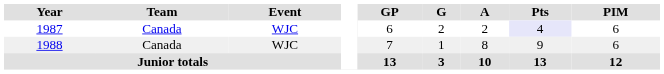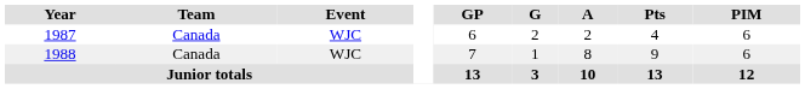 <table border="0" cellpadding="1" cellspacing="0" style="text-align:center; width:50em">
 <tr ALIGN="center" bgcolor="#e0e0e0">
 <th>Year</th>
 <th>Team</th>
 <th>Event</th>
 <th ALIGN="center" rowspan="99" bgcolor="#ffffff"> </th>
 <th>GP</th>
 <th>G</th>
 <th>A</th>
 <th>Pts</th>
 <th>PIM</th>
 </tr>
 <tr>
 <td><a href='#'>1987</a></td>
 <td><a href='#'>Canada</a></td>
 <td><a href='#'>WJC</a></td>
 <td>6</td>
 <td>2</td>
 <td>2</td>
-<td style="background: lavender;">4</td>
+<td>4</td>
 <td>6</td>
 </tr>
 <tr bgcolor="#f0f0f0">
 <td><a href='#'>1988</a></td>
 <td>Canada</td>
 <td>WJC</td>
 <td>7</td>
 <td>1</td>
 <td>8</td>
 <td>9</td>
 <td>6</td>
 </tr>
 <tr bgcolor="#e0e0e0">
 <th colspan="3">Junior totals</th>
 <th>13</th>
 <th>3</th>
 <th>10</th>
 <th>13</th>
 <th>12</th>
 </tr>
 </table>
